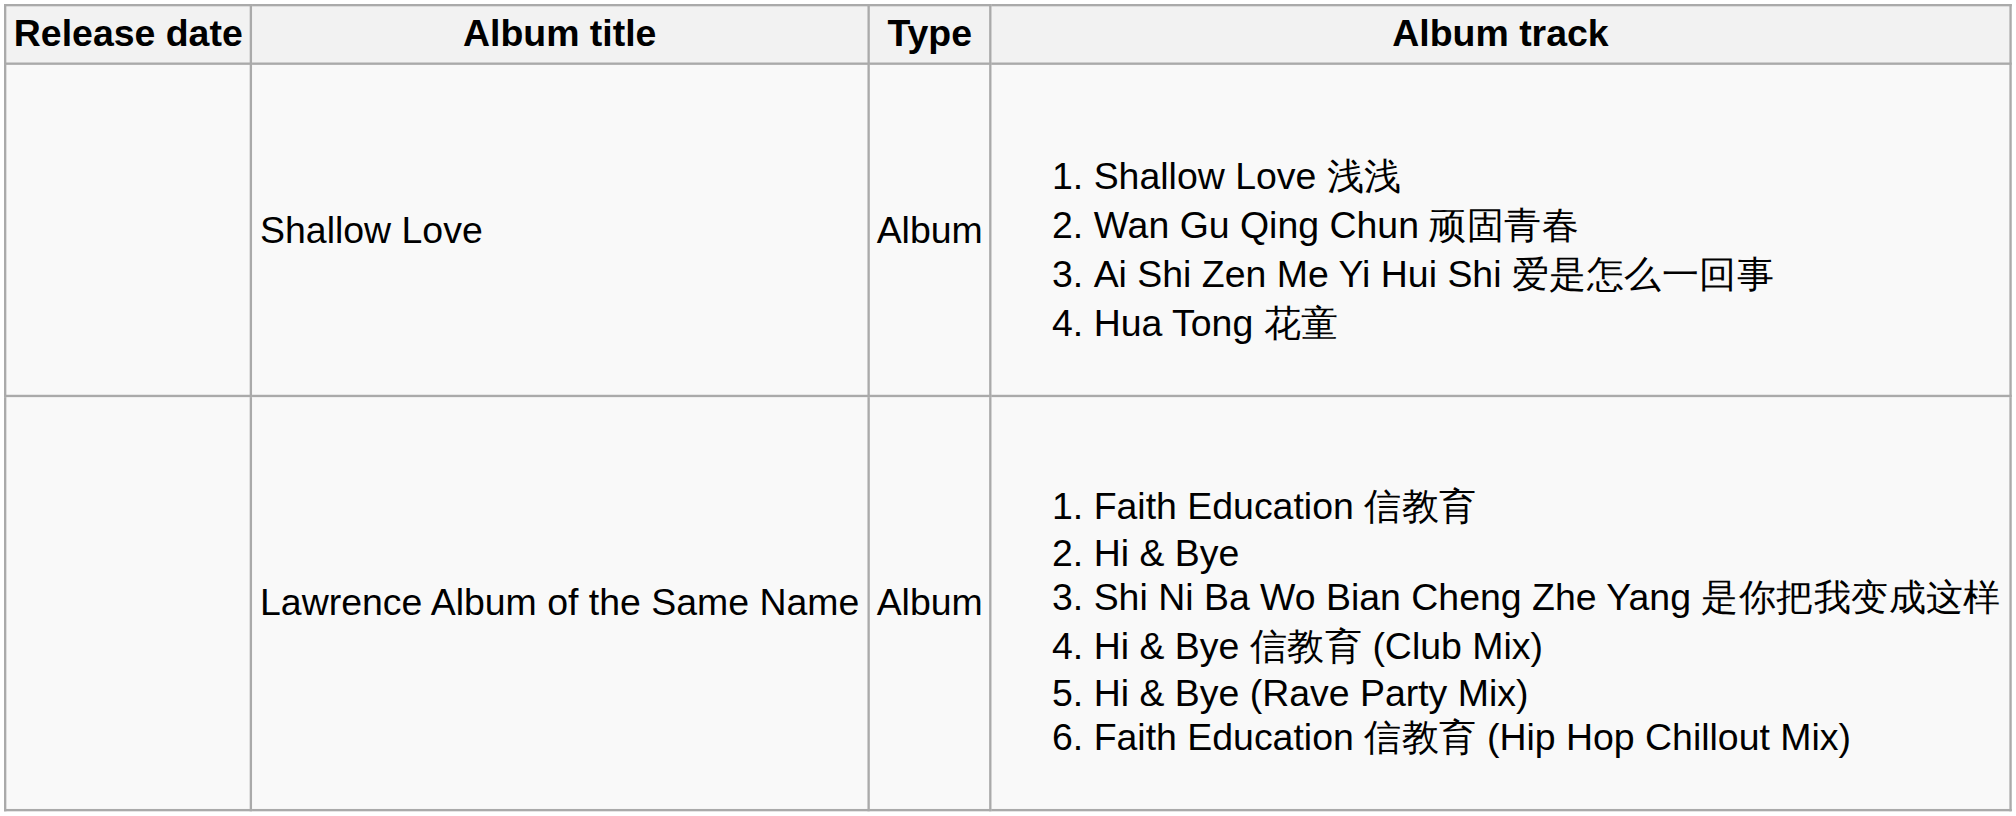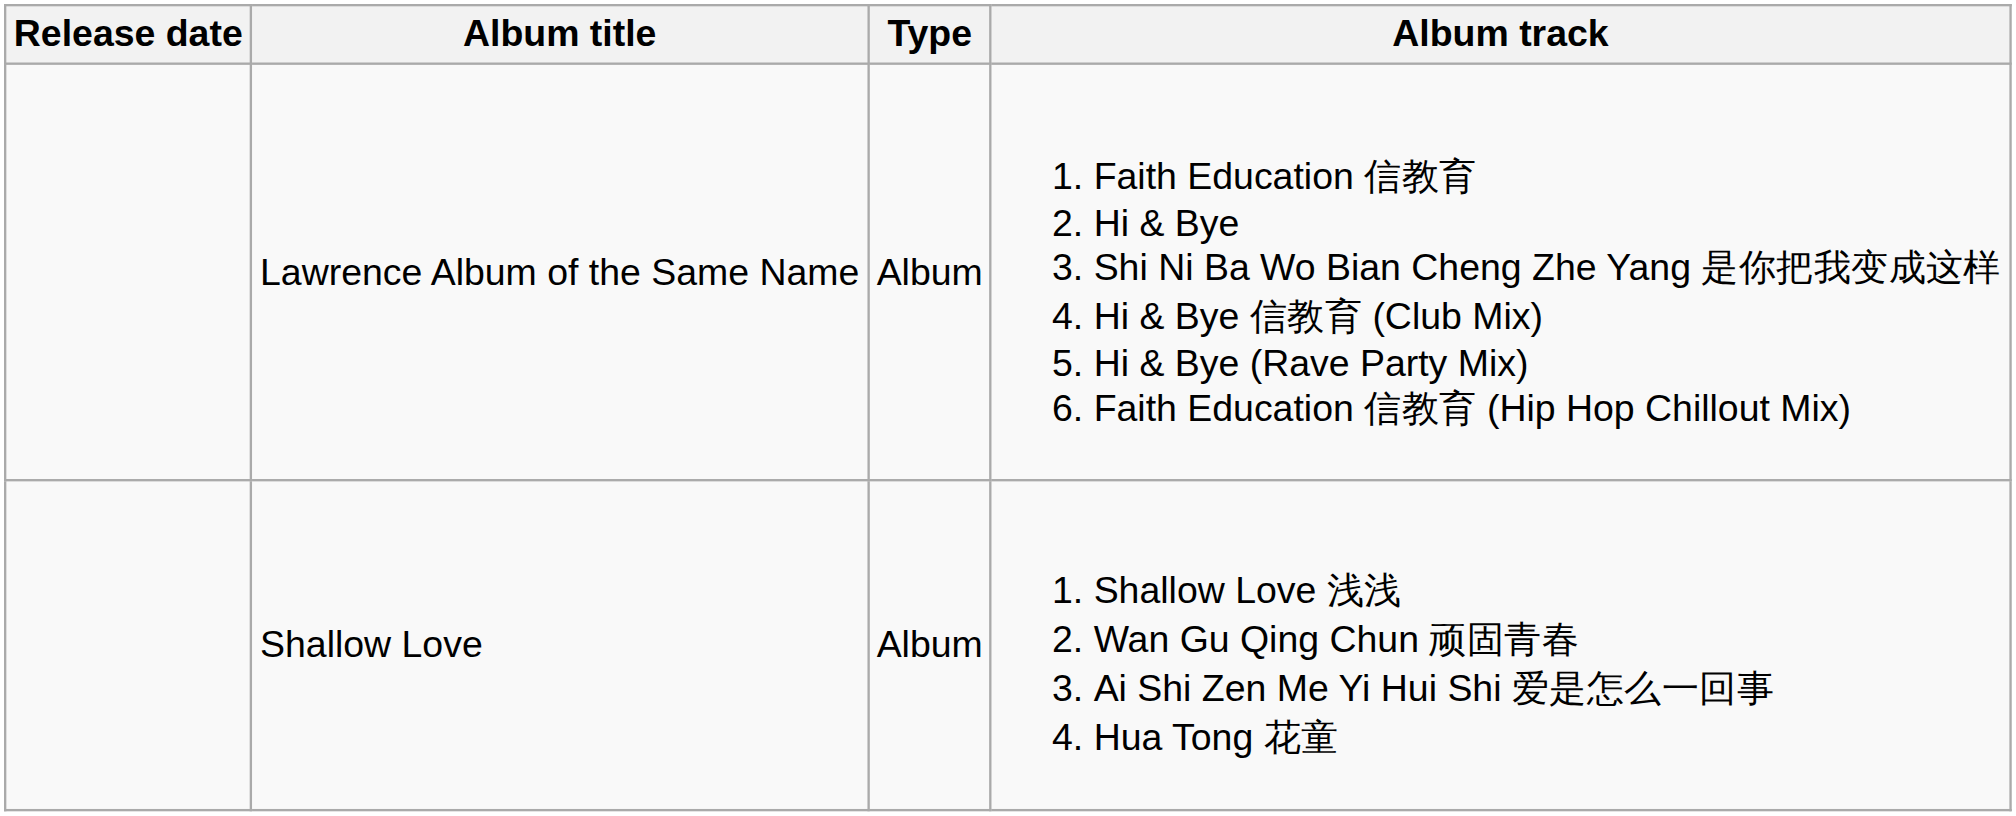 <table class="wikitable sortable">
 <tr>
 <th>Release date</th>
 <th>Album title</th>
 <th>Type</th>
 <th>Album track</th>
 </tr>
 <tr>
 <td></td>
+<td>Lawrence Album of the Same Name</td>
+<td>Album</td>
+<td><br><ol><li>Faith Education 信教育</li><li>Hi & Bye</li><li>Shi Ni Ba Wo Bian Cheng Zhe Yang 是你把我变成这样</li><li>Hi & Bye 信教育 (Club Mix)</li><li>Hi & Bye (Rave Party Mix)</li><li>Faith Education 信教育 (Hip Hop Chillout Mix)</li></ol></td>
+</tr>
+<tr>
+<td></td>
 <td>Shallow Love</td>
 <td>Album</td>
 <td><br><ol><li>Shallow Love 浅浅</li><li>Wan Gu Qing Chun 顽固青春</li><li>Ai Shi Zen Me Yi Hui Shi 爱是怎么一回事</li><li>Hua Tong 花童</li></ol></td>
 </tr>
-<tr>
-<td></td>
-<td>Lawrence Album of the Same Name</td>
-<td>Album</td>
-<td><br><ol><li>Faith Education 信教育</li><li>Hi & Bye</li><li>Shi Ni Ba Wo Bian Cheng Zhe Yang 是你把我变成这样</li><li>Hi & Bye 信教育 (Club Mix)</li><li>Hi & Bye (Rave Party Mix)</li><li>Faith Education 信教育 (Hip Hop Chillout Mix)</li></ol></td>
-</tr>
 </table>
